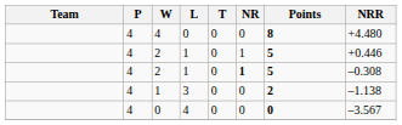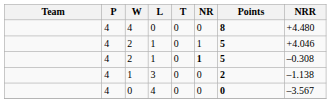 <table class="wikitable">
 <tr>
 <th width=150>Team</th>
 <th width=30 abbr="Played">P</th>
 <th width=30 abbr="Won">W</th>
 <th width=30 abbr="Lost">L</th>
 <th width=30 abbr="Tied">T</th>
 <th width=30 abbr="No result">NR</th>
 <th width=100 abbr="Points">Points</th>
 <th width=60 abbr="Net run rate">NRR</th>
 </tr>
 <tr>
 <td align="left"></td>
 <td>4</td>
 <td>4</td>
 <td>0</td>
 <td>0</td>
 <td>0</td>
 <td><strong>8</strong></td>
 <td>+4.480</td>
 </tr>
 <tr>
 <td align="left"></td>
 <td>4</td>
 <td>2</td>
 <td>1</td>
 <td>0</td>
 <td>1</td>
 <td><strong>5</strong></td>
-<td>+0.446</td>
+<td>+4.046</td>
 </tr>
 <tr>
 <td align="left"></td>
 <td>4</td>
 <td>2</td>
 <td>1</td>
 <td>0</td>
 <td><strong>1</strong></td>
 <td><strong>5</strong></td>
 <td>–0.308</td>
 </tr>
 <tr>
 <td align="left"></td>
 <td>4</td>
 <td>1</td>
 <td>3</td>
 <td>0</td>
 <td>0</td>
 <td><strong>2</strong></td>
 <td>–1.138</td>
 </tr>
 <tr>
 <td align="left"></td>
 <td>4</td>
 <td>0</td>
 <td>4</td>
 <td>0</td>
 <td>0</td>
 <td><strong>0</strong></td>
 <td>–3.567</td>
 </tr>
 <tr>
 </tr>
 </table>
